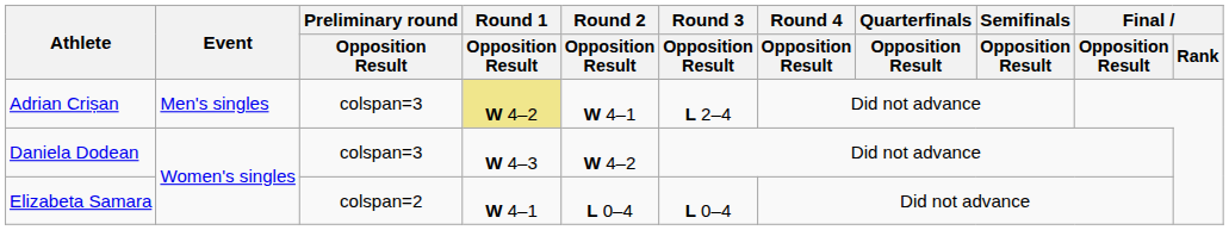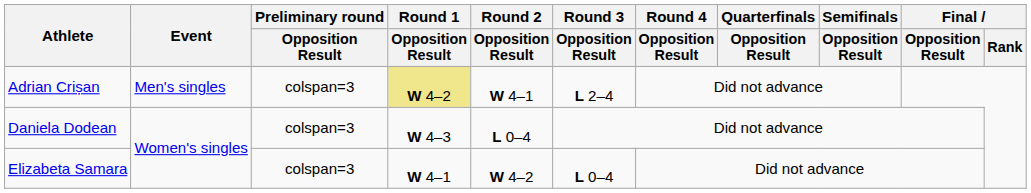 <table class="wikitable" style="font-size:90%">
 <tr>
 <th rowspan=2>Athlete</th>
 <th rowspan=2>Event</th>
 <th>Preliminary round</th>
 <th>Round 1</th>
 <th>Round 2</th>
 <th>Round 3</th>
 <th>Round 4</th>
 <th>Quarterfinals</th>
 <th>Semifinals</th>
 <th colspan=2>Final / </th>
 </tr>
 <tr style="font-size:95%">
 <th>Opposition<br>Result</th>
 <th>Opposition<br>Result</th>
 <th>Opposition<br>Result</th>
 <th>Opposition<br>Result</th>
 <th>Opposition<br>Result</th>
 <th>Opposition<br>Result</th>
 <th>Opposition<br>Result</th>
 <th>Opposition<br>Result</th>
 <th>Rank</th>
 </tr>
 <tr align=center>
 <td align=left><a href='#'>Adrian Crișan</a></td>
 <td align=left><a href='#'>Men's singles</a></td>
 <td>colspan=3 </td>
 <td style="background: khaki;"><br><strong>W</strong> 4–2</td>
 <td><br><strong>W</strong> 4–1</td>
 <td><br><strong>L</strong> 2–4</td>
 <td colspan=3>Did not advance</td>
 </tr>
 <tr align=center>
 <td align=left><a href='#'>Daniela Dodean</a></td>
 <td align=left rowspan=2><a href='#'>Women's singles</a></td>
 <td>colspan=3 </td>
 <td><br><strong>W</strong> 4–3</td>
-<td><br><strong>W</strong> 4–2</td>
+<td><br><strong>L</strong> 0–4</td>
 <td colspan=5>Did not advance</td>
 </tr>
 <tr align=center>
 <td align=left><a href='#'>Elizabeta Samara</a></td>
-<td>colspan=2 </td>
+<td>colspan=3 </td>
 <td><br><strong>W</strong> 4–1</td>
-<td><br><strong>L</strong> 0–4</td>
+<td><br><strong>W</strong> 4–2</td>
 <td><br><strong>L</strong> 0–4</td>
 <td colspan=4>Did not advance</td>
 </tr>
 </table>
